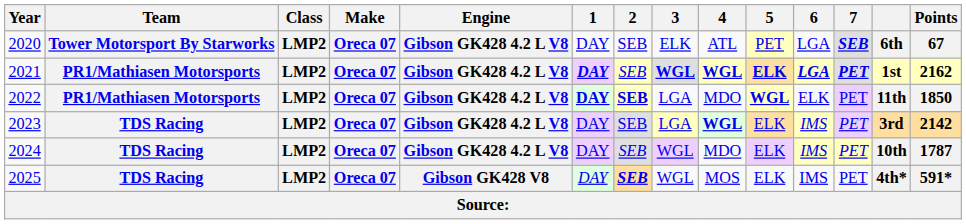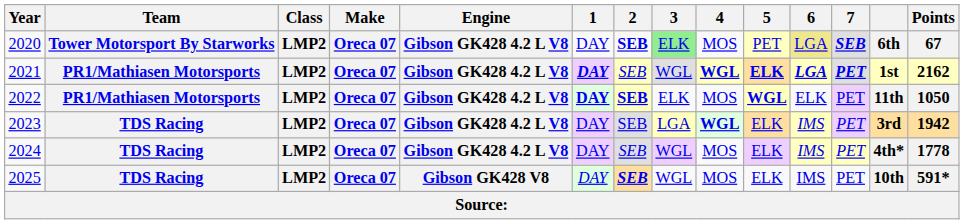 <table class="wikitable" style="text-align:center; font-size:85%">
 <tr>
 <th>Year</th>
 <th>Team</th>
 <th>Class</th>
 <th>Make</th>
 <th>Engine</th>
 <th>1</th>
 <th>2</th>
 <th>3</th>
 <th>4</th>
 <th>5</th>
 <th>6</th>
 <th>7</th>
 <th></th>
 <th>Points</th>
 </tr>
 <tr>
 <td><a href='#'>2020</a></td>
 <th><a href='#'>Tower Motorsport By Starworks</a></th>
 <th>LMP2</th>
 <th><a href='#'>Oreca 07</a></th>
 <th><a href='#'>Gibson</a> GK428 4.2 L <a href='#'>V8</a></th>
 <td><a href='#'>DAY</a></td>
-<td><a href='#'>SEB</a></td>
-<td><a href='#'>ELK</a></td>
-<td><a href='#'>ATL</a></td>
+<td><strong><a href='#'>SEB</a></strong></td>
+<td style="background: lightgreen;"><a href='#'>ELK</a></td>
+<td><a href='#'>MOS</a></td>
 <td style="background:#FFFFBF;"><a href='#'>PET</a><br></td>
-<td><a href='#'>LGA</a></td>
+<td style="background: khaki;"><a href='#'>LGA</a></td>
 <td style="background:#DFDFDF;"><strong><em><a href='#'>SEB</a></em><br></strong></td>
 <th>6th</th>
 <th>67</th>
 </tr>
 <tr>
 <td><a href='#'>2021</a></td>
 <th><a href='#'>PR1/Mathiasen Motorsports</a></th>
 <th>LMP2</th>
 <th><a href='#'>Oreca 07</a></th>
 <th><a href='#'>Gibson</a> GK428 4.2 L <a href='#'>V8</a></th>
 <td style="background:#EFCFFF;"><strong><em><a href='#'>DAY</a></em></strong><br></td>
 <td style="background:#FFFFBF;"><em><a href='#'>SEB</a></em><br></td>
-<td style="background:#DFDFDF;"><strong><a href='#'>WGL</a><br></strong></td>
+<td style="background:#DFDFDF;"><a href='#'>WGL</a><br></td>
 <td style="background:#FFFFBF;"><strong><a href='#'>WGL</a></strong><br></td>
 <td style="background:#FFDF9F;"><strong><a href='#'>ELK</a></strong><br></td>
 <td style="background:#FFFFBF;"><strong><em><a href='#'>LGA</a></em></strong><br></td>
 <td style="background:#DFDFDF;"><strong><em><a href='#'>PET</a></em></strong><br></td>
 <th style="background:#FFFFBF;">1st</th>
 <th style="background:#FFFFBF;">2162</th>
 </tr>
 <tr>
 <td><a href='#'>2022</a></td>
 <th><a href='#'>PR1/Mathiasen Motorsports</a></th>
 <th>LMP2</th>
 <th><a href='#'>Oreca 07</a></th>
 <th><a href='#'>Gibson</a> GK428 4.2 L <a href='#'>V8</a></th>
 <td style="background:#DFFFDF;"><strong><a href='#'>DAY</a></strong><br></td>
 <td style="background:#FFFFBF;"><strong><a href='#'>SEB</a></strong><br></td>
-<td><a href='#'>LGA</a></td>
-<td><a href='#'>MDO</a></td>
+<td><a href='#'>ELK</a></td>
+<td><a href='#'>MOS</a></td>
 <td style="background:#FFFFBF;"><strong><a href='#'>WGL</a></strong><br></td>
 <td><a href='#'>ELK</a></td>
 <td style="background:#EFCFFF;"><a href='#'>PET</a><br></td>
 <th>11th</th>
-<th>1850</th>
+<th>1050</th>
 </tr>
 <tr>
 <td><a href='#'>2023</a></td>
 <th><a href='#'>TDS Racing</a></th>
 <th>LMP2</th>
 <th><a href='#'>Oreca 07</a></th>
 <th><a href='#'>Gibson</a> GK428 4.2 L <a href='#'>V8</a></th>
 <td style="background:#EFCFFF;"><a href='#'>DAY</a><br></td>
 <td style="background:#DFDFDF;"><a href='#'>SEB</a><br></td>
 <td style="background:#FFFFBF;"><a href='#'>LGA</a><br></td>
 <td style="background:#DFFFDF;"><strong><a href='#'>WGL</a></strong><br></td>
 <td style="background:#FFDF9F;"><a href='#'>ELK</a><br></td>
 <td style="background:#FFFFBF;"><em><a href='#'>IMS</a></em><br></td>
 <td style="background:#EFCFFF;"><em><a href='#'>PET</a></em><br></td>
 <th style="background:#FFDF9F;">3rd</th>
-<th style="background:#FFDF9F;">2142</th>
+<th style="background:#FFDF9F;">1942</th>
 </tr>
 <tr>
 <td><a href='#'>2024</a></td>
 <th><a href='#'>TDS Racing</a></th>
 <th>LMP2</th>
 <th><a href='#'>Oreca 07</a></th>
 <th><a href='#'>Gibson</a> GK428 4.2 L <a href='#'>V8</a></th>
 <td style="background:#EFCFFF;"><a href='#'>DAY</a><br></td>
 <td style="background:#DFDFDF;"><em><a href='#'>SEB</a></em><br></td>
 <td style="background:#EFCFFF;"><a href='#'>WGL</a><br></td>
-<td><a href='#'>MDO</a></td>
+<td><a href='#'>MOS</a></td>
 <td style="background:#EFCFFF;"><a href='#'>ELK</a><br></td>
 <td style="background:#FFFFBF;"><em><a href='#'>IMS</a></em><br></td>
 <td style="background:#FFFFBF;"><em><a href='#'>PET</a></em><br></td>
-<th>10th</th>
-<th>1787</th>
+<th>4th*</th>
+<th>1778</th>
 </tr>
 <tr>
 <td><a href='#'>2025</a></td>
 <th><a href='#'>TDS Racing</a></th>
 <th>LMP2</th>
 <th><a href='#'>Oreca 07</a></th>
 <th><a href='#'>Gibson</a> GK428 V8</th>
 <td style="background:#DFFFDF;"><em><a href='#'>DAY</a></em><br></td>
 <td style="background:#FFDF9F;"><strong><em><a href='#'>SEB</a></em></strong><br></td>
 <td style="background:#;"><a href='#'>WGL</a><br></td>
 <td style="background:#;"><a href='#'>MOS</a><br></td>
 <td style="background:#;"><a href='#'>ELK</a><br></td>
 <td style="background:#;"><a href='#'>IMS</a><br></td>
 <td style="background:#;"><a href='#'>PET</a><br></td>
-<th>4th*</th>
+<th>10th</th>
 <th>591*</th>
 </tr>
 <tr>
 <th colspan="14">Source:</th>
 </tr>
 </table>
